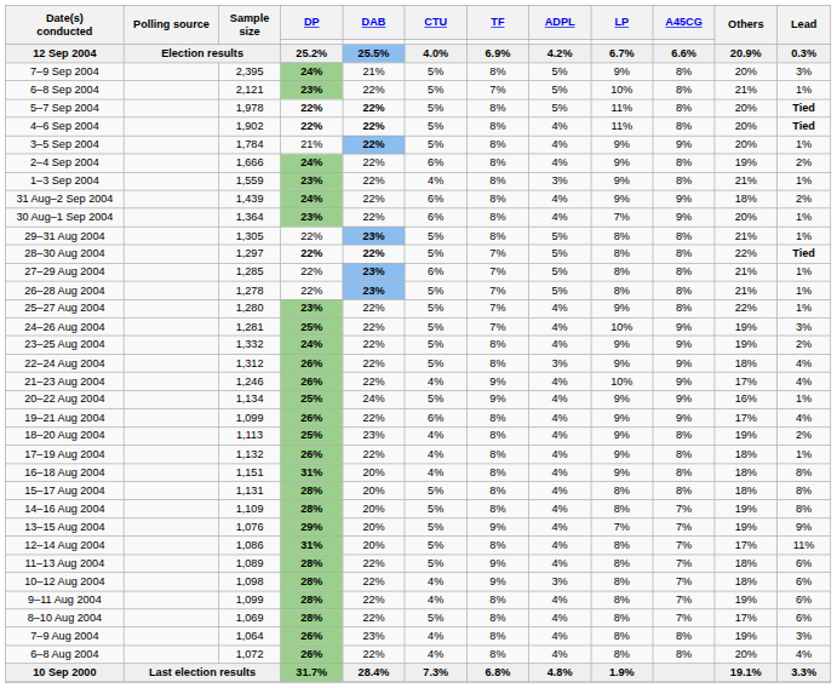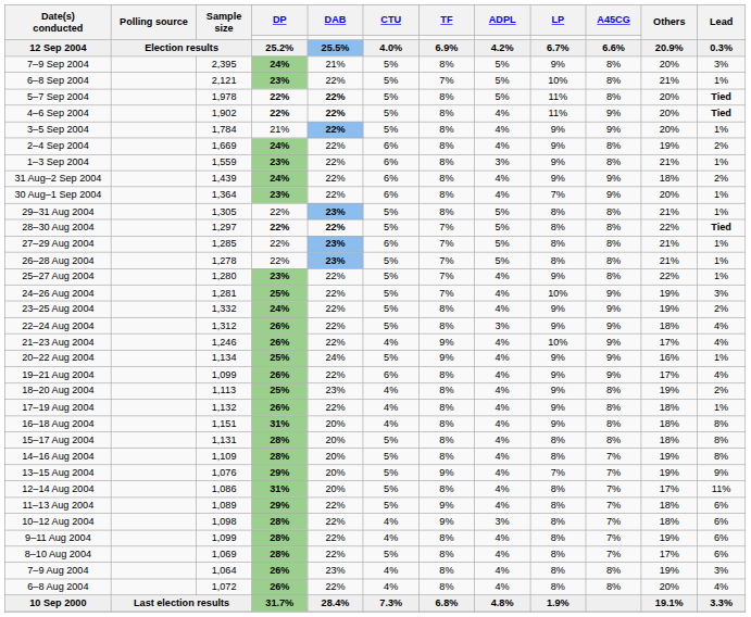 <table class="wikitable collapsible" style="text-align:center; font-size:85%; line-height:16px; margin-bottom:0">
 <tr style="height:42px; background:#e9e9e9;">
 <th style="width:140px;" rowspan=2>Date(s)<br>conducted</th>
 <th style="width:110px;" rowspan="2">Polling source</th>
 <th style="width:70px;" rowspan=2>Sample size</th>
 <th style="width:70px;"><a href='#'>DP</a></th>
 <th style="width:70px;"><a href='#'>DAB</a></th>
 <th style="width:70px;"><a href='#'>CTU</a></th>
 <th style="width:70px;"><a href='#'>TF</a></th>
 <th style="width:70px;"><a href='#'>ADPL</a></th>
 <th style="width:70px;"><a href='#'>LP</a></th>
 <th style="width:70px;"><a href='#'>A45CG</a></th>
 <th style="width:70px;" rowspan=2>Others</th>
 <th style="width:60px;" rowspan=2>Lead</th>
 </tr>
 <tr>
 <td></td>
 <td></td>
 <td></td>
 <td></td>
 <td></td>
 <td></td>
 <td></td>
 </tr>
 <tr style="background:#EFEFEF; font-weight:bold;">
 <td>12 Sep 2004</td>
 <td colspan=2>Election results</td>
 <td>25.2%</td>
 <td style="background:#8bbdef;">25.5%</td>
 <td>4.0%</td>
 <td>6.9%</td>
 <td>4.2%</td>
 <td>6.7%</td>
 <td>6.6%</td>
 <td>20.9%</td>
 <td style="background:">0.3%</td>
 </tr>
 <tr>
 <td>7–9 Sep 2004</td>
 <td></td>
 <td>2,395</td>
 <td style="background:#9BCF8D;"><strong>24%</strong></td>
 <td>21%</td>
 <td>5%</td>
 <td>8%</td>
 <td>5%</td>
 <td>9%</td>
 <td>8%</td>
 <td>20%</td>
 <td style="background:">3%</td>
 </tr>
 <tr>
 <td>6–8 Sep 2004</td>
 <td></td>
 <td>2,121</td>
 <td style="background:#9BCF8D;"><strong>23%</strong></td>
 <td>22%</td>
 <td>5%</td>
 <td>7%</td>
 <td>5%</td>
 <td>10%</td>
 <td>8%</td>
 <td>21%</td>
 <td style="background:">1%</td>
 </tr>
 <tr>
 <td>5–7 Sep 2004</td>
 <td></td>
 <td>1,978</td>
 <td><strong>22%</strong></td>
 <td><strong>22%</strong></td>
 <td>5%</td>
 <td>8%</td>
 <td>5%</td>
 <td>11%</td>
 <td>8%</td>
 <td>20%</td>
 <td><strong>Tied</strong></td>
 </tr>
 <tr>
 <td>4–6 Sep 2004</td>
 <td></td>
 <td>1,902</td>
 <td><strong>22%</strong></td>
 <td><strong>22%</strong></td>
 <td>5%</td>
 <td>8%</td>
 <td>4%</td>
 <td>11%</td>
-<td>8%</td>
+<td>9%</td>
 <td>20%</td>
 <td><strong>Tied</strong></td>
 </tr>
 <tr>
 <td>3–5 Sep 2004</td>
 <td></td>
 <td>1,784</td>
 <td>21%</td>
 <td style="background:#8bbdef;"><strong>	22%</strong></td>
 <td>5%</td>
 <td>8%</td>
 <td>4%</td>
 <td>9%</td>
 <td>9%</td>
 <td>20%</td>
 <td style="background:">1%</td>
 </tr>
 <tr>
 <td>2–4 Sep 2004</td>
 <td></td>
-<td>1,666</td>
+<td>1,669</td>
 <td style="background:#9BCF8D;"><strong>24%</strong></td>
 <td>22%</td>
 <td>6%</td>
 <td>8%</td>
 <td>4%</td>
 <td>9%</td>
 <td>8%</td>
 <td>19%</td>
 <td style="background:">2%</td>
 </tr>
 <tr>
 <td>1–3 Sep 2004</td>
 <td></td>
 <td>1,559</td>
 <td style="background:#9BCF8D;"><strong>23%</strong></td>
 <td>22%</td>
-<td>4%</td>
+<td>6%</td>
 <td>8%</td>
 <td>3%</td>
 <td>9%</td>
 <td>8%</td>
 <td>21%</td>
 <td style="background:">1%</td>
 </tr>
 <tr>
 <td>31 Aug–2 Sep 2004</td>
 <td></td>
 <td>1,439</td>
 <td style="background:#9BCF8D;"><strong>24%</strong></td>
 <td>22%</td>
 <td>6%</td>
 <td>8%</td>
 <td>4%</td>
 <td>9%</td>
 <td>9%</td>
 <td>18%</td>
 <td style="background:">2%</td>
 </tr>
 <tr>
 <td>30 Aug–1 Sep 2004</td>
 <td></td>
 <td>1,364</td>
 <td style="background:#9BCF8D;"><strong>23%</strong></td>
 <td>22%</td>
 <td>6%</td>
 <td>8%</td>
 <td>4%</td>
 <td>7%</td>
 <td>9%</td>
 <td>20%</td>
 <td style="background:">1%</td>
 </tr>
 <tr>
 <td>29–31 Aug 2004</td>
 <td></td>
 <td>1,305</td>
 <td>22%</td>
 <td style="background:#8bbdef;"><strong>	23%</strong></td>
 <td>5%</td>
 <td>8%</td>
 <td>5%</td>
 <td>8%</td>
 <td>8%</td>
 <td>21%</td>
 <td style="background:">1%</td>
 </tr>
 <tr>
 <td>28–30 Aug 2004</td>
 <td></td>
 <td>1,297</td>
 <td><strong>22%</strong></td>
 <td><strong>22%</strong></td>
 <td>5%</td>
 <td>7%</td>
 <td>5%</td>
 <td>8%</td>
 <td>8%</td>
 <td>22%</td>
 <td><strong>Tied</strong></td>
 </tr>
 <tr>
 <td>27–29 Aug 2004</td>
 <td></td>
 <td>1,285</td>
 <td>22%</td>
 <td style="background:#8bbdef;"><strong>23%</strong></td>
 <td>6%</td>
 <td>7%</td>
 <td>5%</td>
 <td>8%</td>
 <td>8%</td>
 <td>21%</td>
 <td style="background:">1%</td>
 </tr>
 <tr>
 <td>26–28 Aug 2004</td>
 <td></td>
 <td>1,278</td>
 <td>22%</td>
 <td style="background:#8bbdef;"><strong>23%</strong></td>
 <td>5%</td>
 <td>7%</td>
 <td>5%</td>
 <td>8%</td>
 <td>8%</td>
 <td>21%</td>
 <td style="background:">1%</td>
 </tr>
 <tr>
 <td>25–27 Aug 2004</td>
 <td></td>
 <td>1,280</td>
 <td style="background:#9BCF8D;"><strong>23%</strong></td>
 <td>22%</td>
 <td>5%</td>
 <td>7%</td>
 <td>4%</td>
 <td>9%</td>
 <td>8%</td>
 <td>22%</td>
 <td style="background:">1%</td>
 </tr>
 <tr>
 <td>24–26 Aug 2004</td>
 <td></td>
 <td>1,281</td>
 <td style="background:#9BCF8D;"><strong>25%</strong></td>
 <td>22%</td>
 <td>5%</td>
 <td>7%</td>
 <td>4%</td>
 <td>10%</td>
 <td>9%</td>
 <td>19%</td>
 <td style="background:">3%</td>
 </tr>
 <tr>
 <td>23–25 Aug 2004</td>
 <td></td>
 <td>1,332</td>
 <td style="background:#9BCF8D;"><strong>24%</strong></td>
 <td>22%</td>
 <td>5%</td>
 <td>8%</td>
 <td>4%</td>
 <td>9%</td>
 <td>9%</td>
 <td>19%</td>
 <td style="background:">2%</td>
 </tr>
 <tr>
 <td>22–24 Aug 2004</td>
 <td></td>
 <td>1,312</td>
 <td style="background:#9BCF8D;"><strong>26%</strong></td>
 <td>22%</td>
 <td>5%</td>
 <td>8%</td>
 <td>3%</td>
 <td>9%</td>
 <td>9%</td>
 <td>18%</td>
 <td style="background:">4%</td>
 </tr>
 <tr>
 <td>21–23 Aug 2004</td>
 <td></td>
 <td>1,246</td>
 <td style="background:#9BCF8D;"><strong>26%</strong></td>
 <td>22%</td>
 <td>4%</td>
 <td>9%</td>
 <td>4%</td>
 <td>10%</td>
 <td>9%</td>
 <td>17%</td>
 <td style="background:">4%</td>
 </tr>
 <tr>
 <td>20–22 Aug 2004</td>
 <td></td>
 <td>1,134</td>
 <td style="background:#9BCF8D;"><strong>25%</strong></td>
 <td>24%</td>
 <td>5%</td>
 <td>9%</td>
 <td>4%</td>
 <td>9%</td>
 <td>9%</td>
 <td>16%</td>
 <td style="background:">1%</td>
 </tr>
 <tr>
 <td>19–21 Aug 2004</td>
 <td></td>
 <td>1,099</td>
 <td style="background:#9BCF8D;"><strong>26%</strong></td>
 <td>22%</td>
 <td>6%</td>
 <td>8%</td>
 <td>4%</td>
 <td>9%</td>
 <td>9%</td>
 <td>17%</td>
 <td style="background:">4%</td>
 </tr>
 <tr>
 <td>18–20 Aug 2004</td>
 <td></td>
 <td>1,113</td>
 <td style="background:#9BCF8D;"><strong>25%</strong></td>
 <td>23%</td>
 <td>4%</td>
 <td>8%</td>
 <td>4%</td>
 <td>9%</td>
 <td>8%</td>
 <td>19%</td>
 <td style="background:">2%</td>
 </tr>
 <tr>
 <td>17–19 Aug 2004</td>
 <td></td>
 <td>1,132</td>
 <td style="background:#9BCF8D;"><strong>26%</strong></td>
 <td>22%</td>
 <td>4%</td>
 <td>8%</td>
 <td>4%</td>
 <td>9%</td>
 <td>8%</td>
 <td>18%</td>
 <td style="background:">1%</td>
 </tr>
 <tr>
 <td>16–18 Aug 2004</td>
 <td></td>
 <td>1,151</td>
 <td style="background:#9BCF8D;"><strong>31%</strong></td>
 <td>20%</td>
 <td>4%</td>
 <td>8%</td>
 <td>4%</td>
 <td>9%</td>
 <td>8%</td>
 <td>18%</td>
 <td style="background:">8%</td>
 </tr>
 <tr>
 <td>15–17 Aug 2004</td>
 <td></td>
 <td>1,131</td>
 <td style="background:#9BCF8D;"><strong>28%</strong></td>
 <td>20%</td>
 <td>5%</td>
 <td>8%</td>
 <td>4%</td>
 <td>8%</td>
 <td>8%</td>
 <td>18%</td>
 <td style="background:">8%</td>
 </tr>
 <tr>
 <td>14–16 Aug 2004</td>
 <td></td>
 <td>1,109</td>
 <td style="background:#9BCF8D;"><strong>28%</strong></td>
 <td>20%</td>
 <td>5%</td>
 <td>8%</td>
 <td>4%</td>
 <td>8%</td>
 <td>7%</td>
 <td>19%</td>
 <td style="background:">8%</td>
 </tr>
 <tr>
 <td>13–15 Aug 2004</td>
 <td></td>
 <td>1,076</td>
 <td style="background:#9BCF8D;"><strong>29%</strong></td>
 <td>20%</td>
 <td>5%</td>
 <td>9%</td>
 <td>4%</td>
 <td>7%</td>
 <td>7%</td>
 <td>19%</td>
 <td style="background:">9%</td>
 </tr>
 <tr>
 <td>12–14 Aug 2004</td>
 <td></td>
 <td>1,086</td>
 <td style="background:#9BCF8D;"><strong>31%</strong></td>
 <td>20%</td>
 <td>5%</td>
 <td>8%</td>
 <td>4%</td>
 <td>8%</td>
 <td>7%</td>
 <td>17%</td>
 <td style="background:">11%</td>
 </tr>
 <tr>
 <td>11–13 Aug 2004</td>
 <td></td>
 <td>1,089</td>
-<td style="background:#9BCF8D;"><strong>28%</strong></td>
+<td style="background:#9BCF8D;"><strong>29%</strong></td>
 <td>22%</td>
 <td>5%</td>
 <td>9%</td>
 <td>4%</td>
 <td>8%</td>
 <td>7%</td>
 <td>18%</td>
 <td style="background:">6%</td>
 </tr>
 <tr>
 <td>10–12 Aug 2004</td>
 <td></td>
 <td>1,098</td>
 <td style="background:#9BCF8D;"><strong>28%</strong></td>
 <td>22%</td>
 <td>4%</td>
 <td>9%</td>
 <td>3%</td>
 <td>8%</td>
 <td>7%</td>
 <td>18%</td>
 <td style="background:">6%</td>
 </tr>
 <tr>
 <td>9–11 Aug 2004</td>
 <td></td>
 <td>1,099</td>
 <td style="background:#9BCF8D;"><strong>28%</strong></td>
 <td>22%</td>
 <td>4%</td>
 <td>8%</td>
 <td>4%</td>
 <td>8%</td>
 <td>7%</td>
 <td>19%</td>
 <td style="background:">6%</td>
 </tr>
 <tr>
 <td>8–10 Aug 2004</td>
 <td></td>
 <td>1,069</td>
 <td style="background:#9BCF8D;"><strong>28%</strong></td>
 <td>22%</td>
 <td>5%</td>
 <td>8%</td>
 <td>4%</td>
 <td>8%</td>
 <td>7%</td>
 <td>17%</td>
 <td style="background:">6%</td>
 </tr>
 <tr>
 <td>7–9 Aug 2004</td>
 <td></td>
 <td>1,064</td>
 <td style="background:#9BCF8D;"><strong>26%</strong></td>
 <td>23%</td>
 <td>4%</td>
 <td>8%</td>
 <td>4%</td>
 <td>8%</td>
 <td>8%</td>
 <td>19%</td>
 <td style="background:">3%</td>
 </tr>
 <tr>
 <td>6–8 Aug 2004</td>
 <td></td>
 <td>1,072</td>
 <td style="background:#9BCF8D;"><strong>26%</strong></td>
 <td>22%</td>
 <td>4%</td>
 <td>8%</td>
 <td>4%</td>
 <td>8%</td>
 <td>8%</td>
 <td>20%</td>
 <td style="background:">4%</td>
 </tr>
 <tr style="background:#EFEFEF; font-weight:bold;">
 <td>10 Sep 2000</td>
 <td colspan=2>Last election results</td>
 <td style="background:#9BCF8D;">31.7%</td>
 <td>28.4%</td>
 <td>7.3%</td>
 <td>6.8%</td>
 <td>4.8%</td>
 <td>1.9%</td>
 <td></td>
 <td>19.1%</td>
 <td style="background:">3.3%</td>
 </tr>
 <tr>
 </tr>
 </table>
